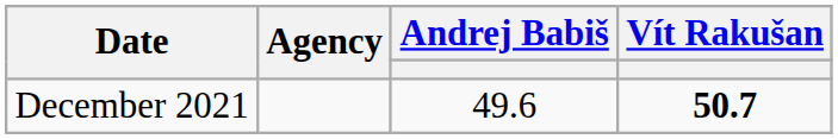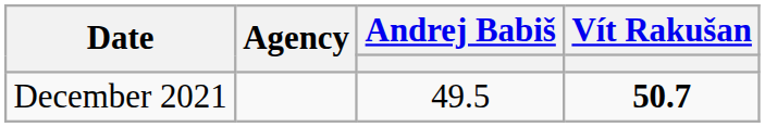 <table class="wikitable" style=text-align:center;font-size:85%;line-height:14px;">
 <tr>
 <th rowspan="2">Date</th>
 <th rowspan="2">Agency</th>
 <th><a href='#'>Andrej Babiš</a></th>
 <th><a href='#'>Vít Rakušan</a></th>
 </tr>
 <tr>
 <th style="background:"></th>
 <th style="background:"></th>
 </tr>
 <tr>
 <td>December 2021</td>
 <td></td>
-<td>49.6</td>
+<td>49.5</td>
 <td><strong>50.7</strong></td>
 </tr>
 </table>
